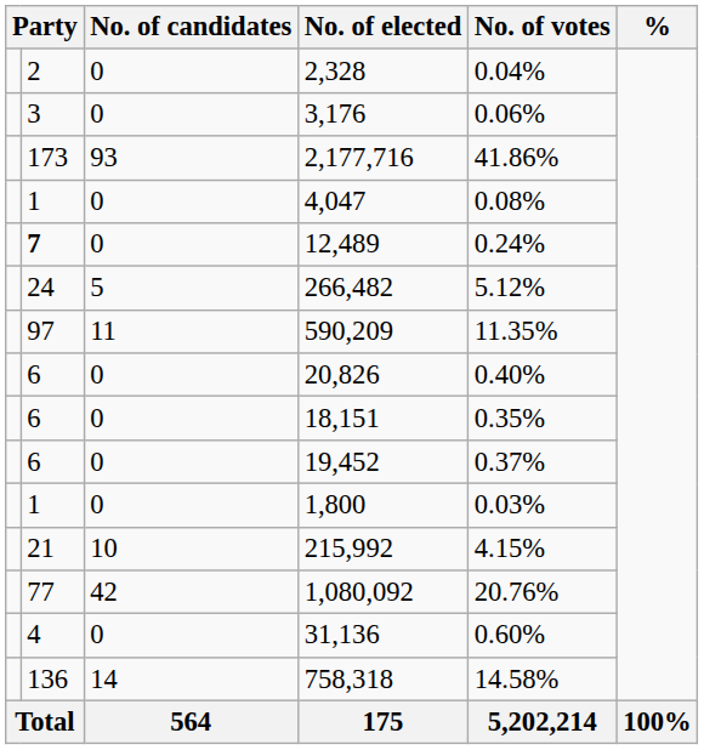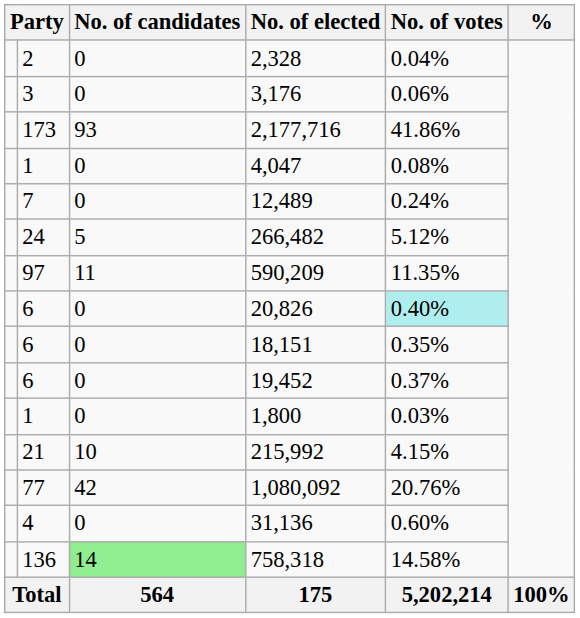 <table class="wikitable sortable">
 <tr>
 <th Colspan="2">Party</th>
 <th>No. of candidates</th>
 <th>No. of elected</th>
 <th>No. of votes</th>
 <th>%</th>
 </tr>
 <tr>
 <td></td>
 <td>2</td>
 <td>0</td>
 <td>2,328</td>
 <td>0.04%</td>
 </tr>
 <tr>
 <td></td>
 <td>3</td>
 <td>0</td>
 <td>3,176</td>
 <td>0.06%</td>
 </tr>
 <tr>
 <td></td>
 <td>173</td>
 <td>93</td>
 <td>2,177,716</td>
 <td>41.86%</td>
 </tr>
 <tr>
 <td></td>
 <td>1</td>
 <td>0</td>
 <td>4,047</td>
 <td>0.08%</td>
 </tr>
 <tr>
 <td></td>
-<td><strong>7</strong></td>
+<td>7</td>
 <td>0</td>
 <td>12,489</td>
 <td>0.24%</td>
 </tr>
 <tr>
 <td></td>
 <td>24</td>
 <td>5</td>
 <td>266,482</td>
 <td>5.12%</td>
 </tr>
 <tr>
 <td></td>
 <td>97</td>
 <td>11</td>
 <td>590,209</td>
 <td>11.35%</td>
 </tr>
 <tr>
 <td></td>
 <td>6</td>
 <td>0</td>
 <td>20,826</td>
-<td>0.40%</td>
+<td style="background: paleturquoise;">0.40%</td>
 </tr>
 <tr>
 <td></td>
 <td>6</td>
 <td>0</td>
 <td>18,151</td>
 <td>0.35%</td>
 </tr>
 <tr>
 <td></td>
 <td>6</td>
 <td>0</td>
 <td>19,452</td>
 <td>0.37%</td>
 </tr>
 <tr>
 <td></td>
 <td>1</td>
 <td>0</td>
 <td>1,800</td>
 <td>0.03%</td>
 </tr>
 <tr>
 <td></td>
 <td>21</td>
 <td>10</td>
 <td>215,992</td>
 <td>4.15%</td>
 </tr>
 <tr>
 <td></td>
 <td>77</td>
 <td>42</td>
 <td>1,080,092</td>
 <td>20.76%</td>
 </tr>
 <tr>
 <td></td>
 <td>4</td>
 <td>0</td>
 <td>31,136</td>
 <td>0.60%</td>
 </tr>
 <tr>
 <td></td>
 <td>136</td>
-<td>14</td>
+<td style="background: lightgreen;">14</td>
 <td>758,318</td>
 <td>14.58%</td>
 </tr>
 <tr>
 <th colspan="2">Total</th>
 <th>564</th>
 <th>175</th>
 <th>5,202,214</th>
 <th>100%</th>
 </tr>
 </table>
